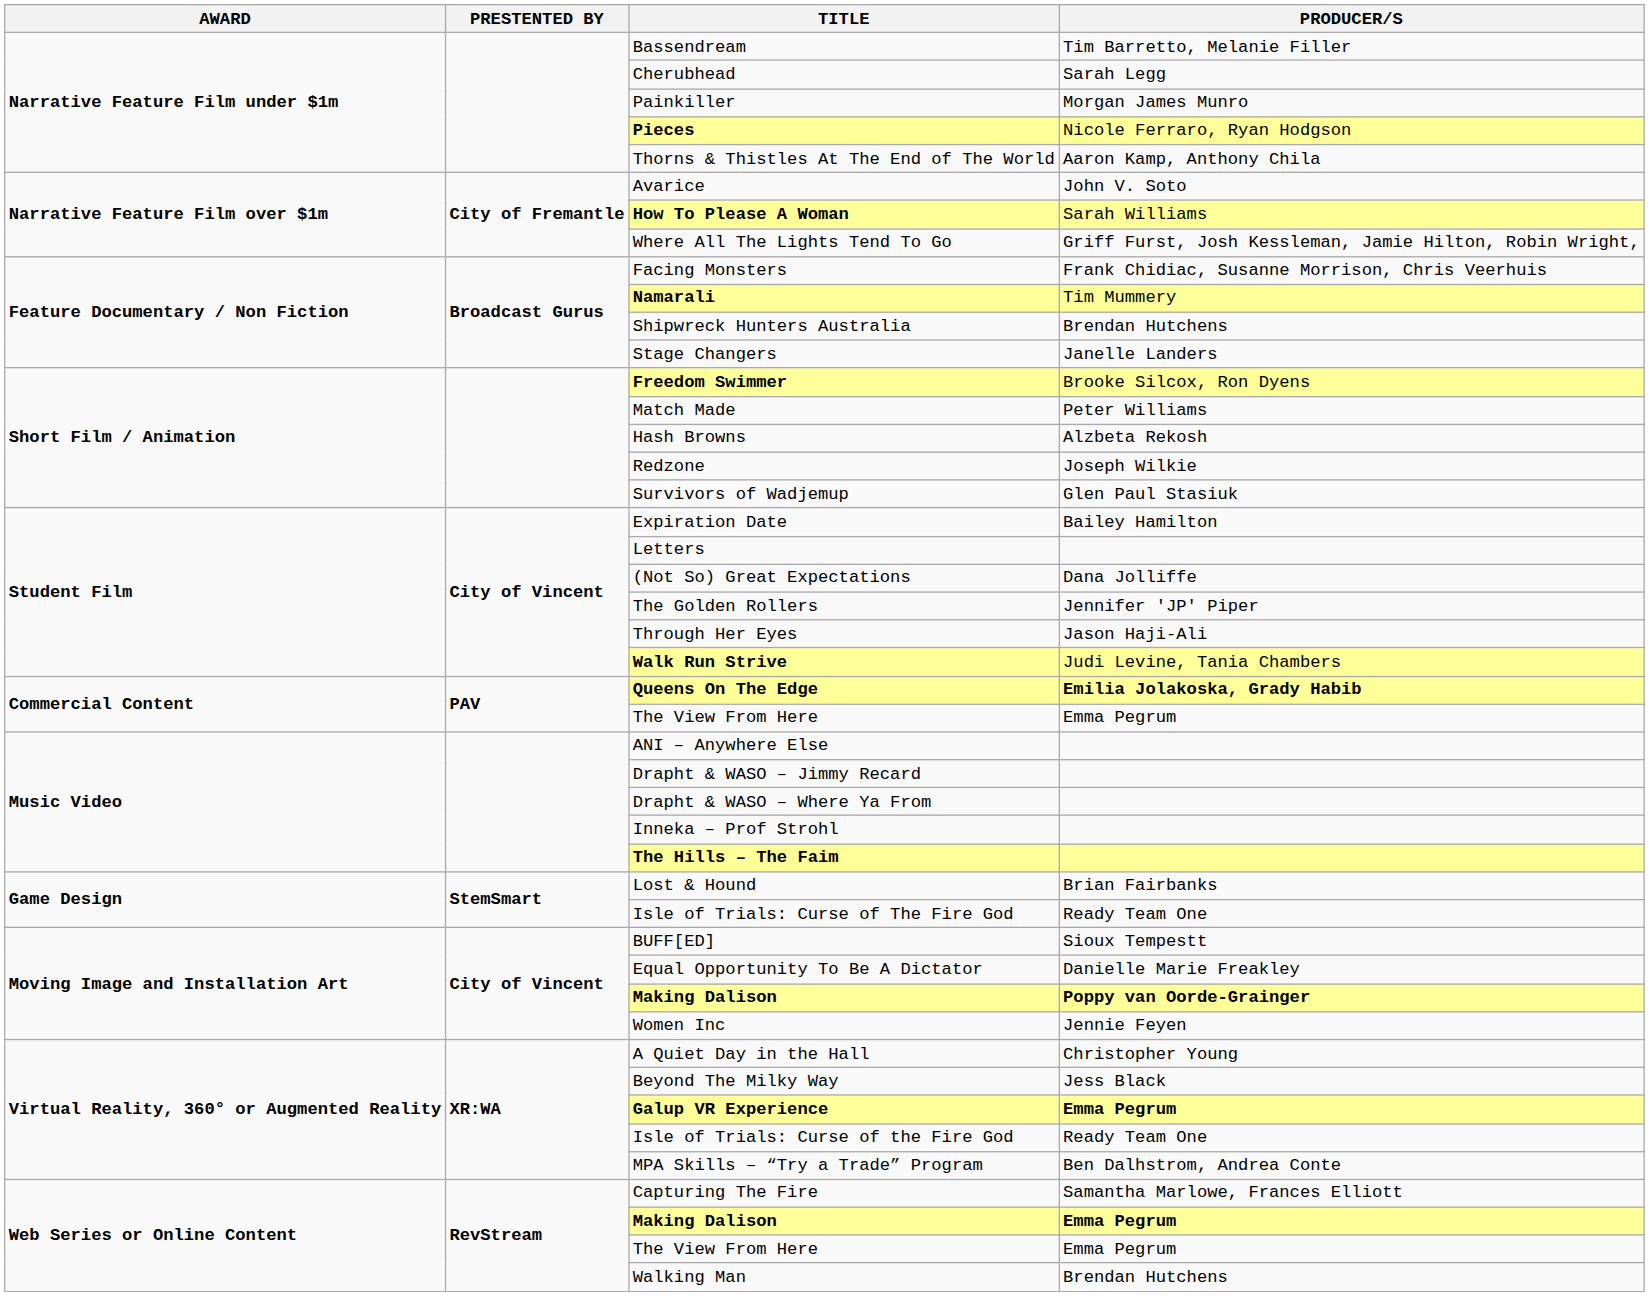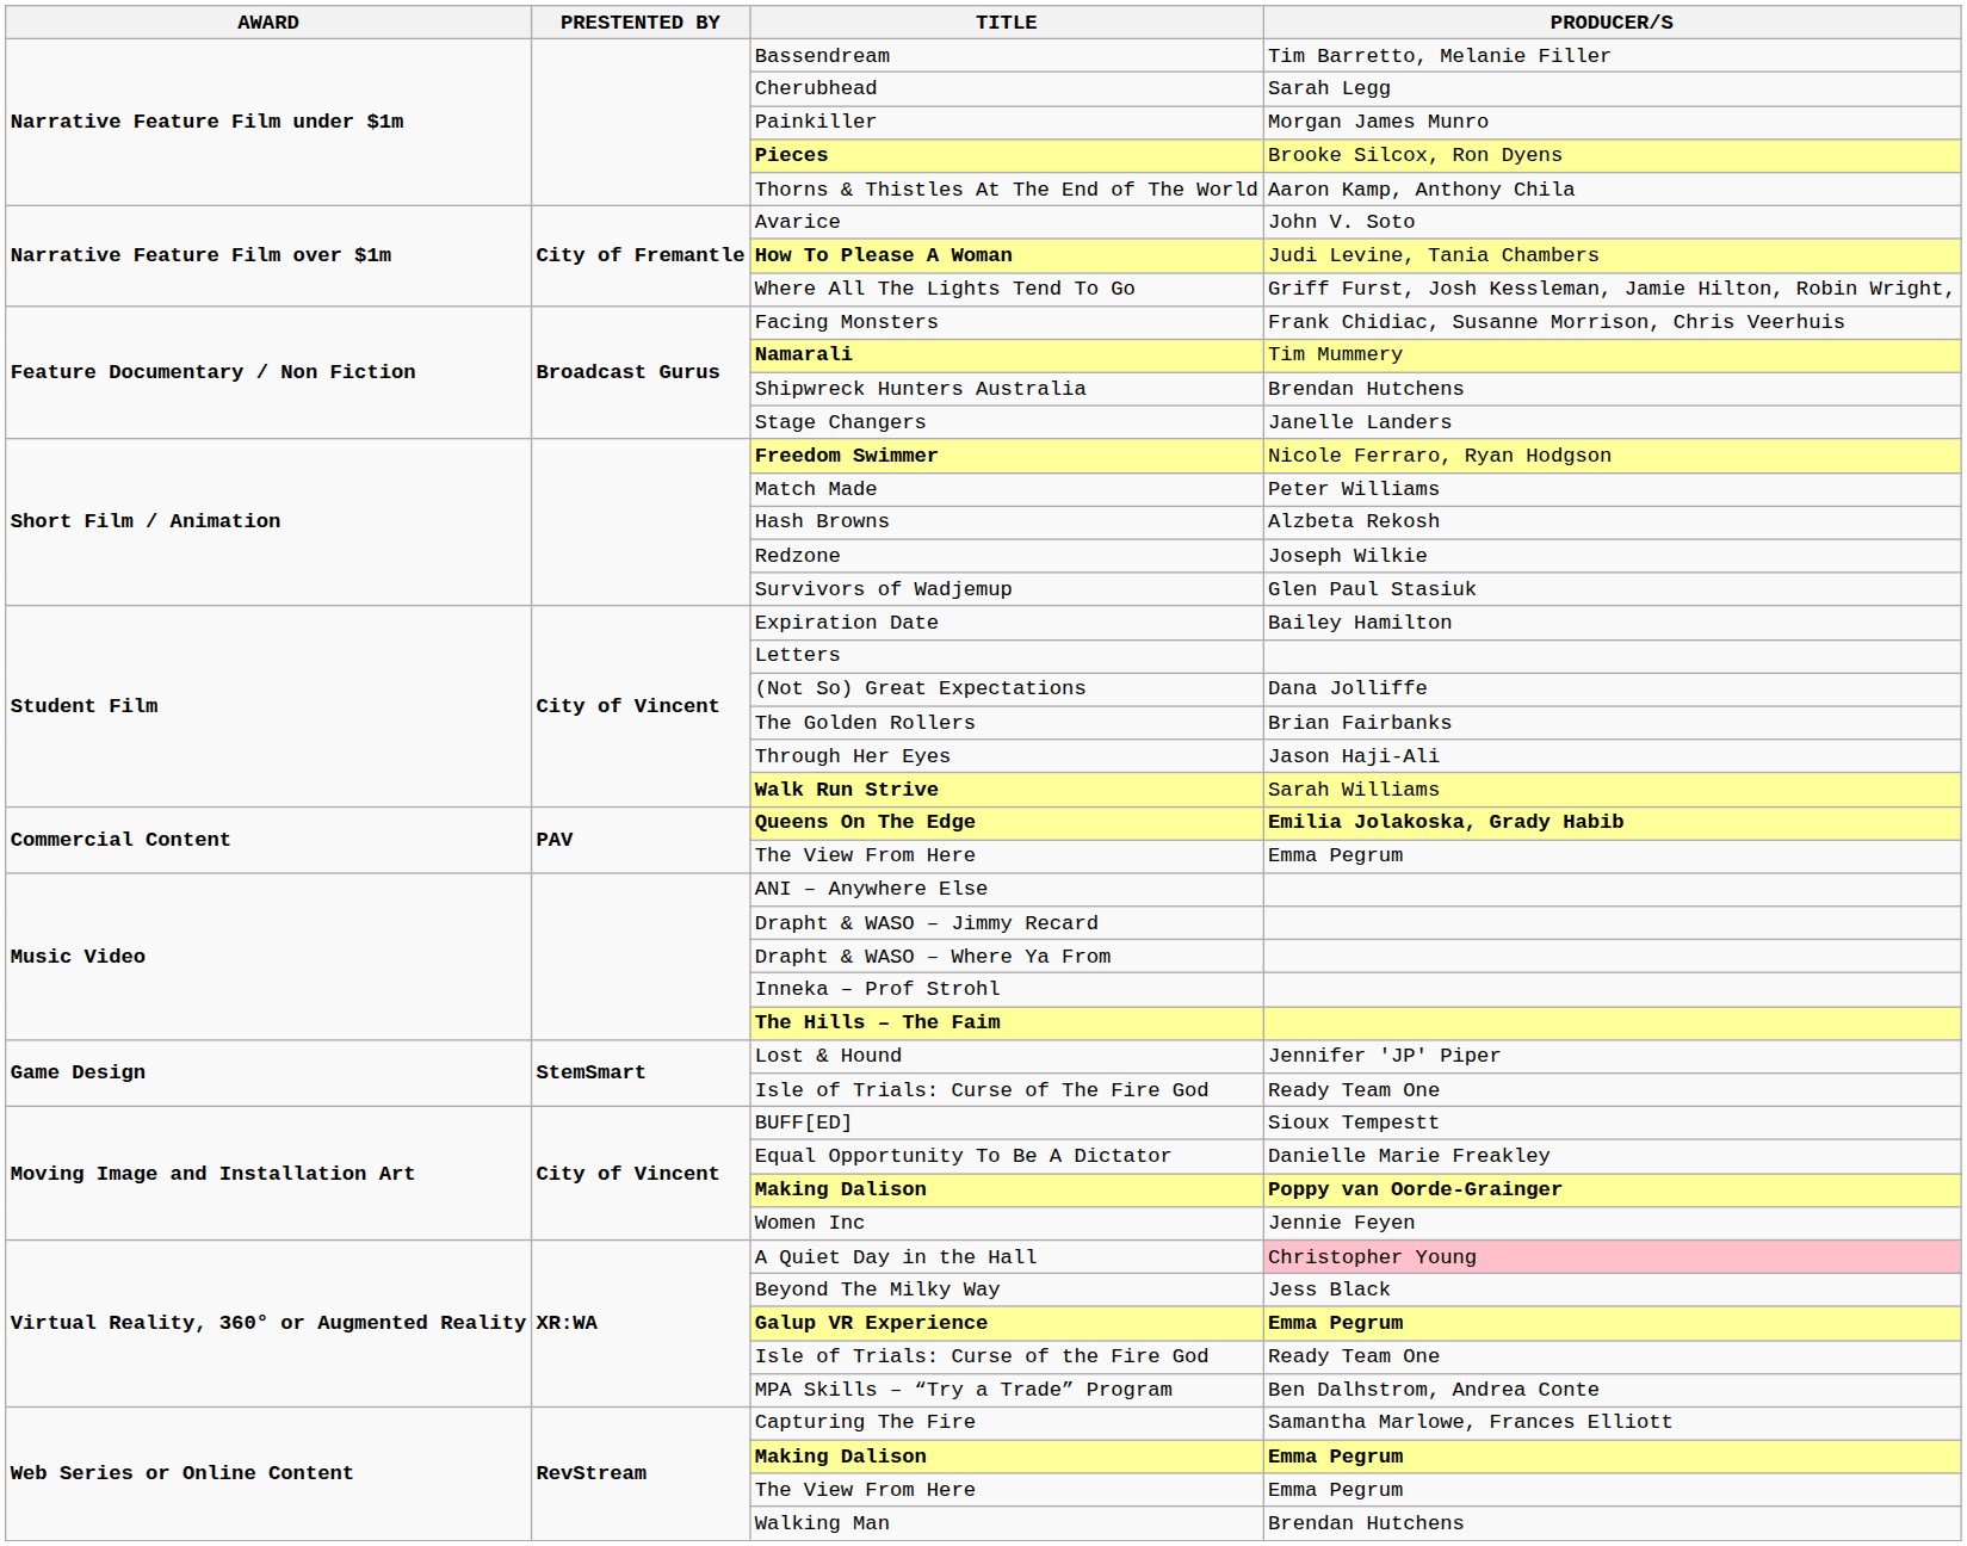 <table class="wikitable sortable mw-collapsible mw-collapsed">
 <tr>
 <th>AWARD</th>
 <th>PRESTENTED BY</th>
 <th>TITLE</th>
 <th>PRODUCER/S</th>
 </tr>
 <tr>
 <td rowspan="5"><strong>Narrative Feature Film under $1m</strong></td>
 <td rowspan="5"></td>
 <td>Bassendream</td>
 <td>Tim Barretto, Melanie Filler</td>
 </tr>
 <tr>
 <td>Cherubhead</td>
 <td>Sarah Legg</td>
 </tr>
 <tr>
 <td>Painkiller</td>
 <td>Morgan James Munro</td>
 </tr>
 <tr>
 <td style="background:#ff9;"><strong>Pieces</strong></td>
-<td style="background:#ff9;">Nicole Ferraro, Ryan Hodgson</td>
+<td style="background:#ff9;">Brooke Silcox, Ron Dyens</td>
 </tr>
 <tr>
 <td>Thorns & Thistles At The End of The World</td>
 <td>Aaron Kamp, Anthony Chila</td>
 </tr>
 <tr>
 <td rowspan="3"><strong>Narrative Feature Film over $1m</strong></td>
 <td rowspan="3"><strong>City of Fremantle</strong></td>
 <td>Avarice</td>
 <td>John V. Soto</td>
 </tr>
 <tr>
 <td style="background:#ff9;"><strong>How To Please A Woman</strong></td>
-<td style="background:#ff9;">Sarah Williams</td>
+<td style="background:#ff9;">Judi Levine, Tania Chambers</td>
 </tr>
 <tr>
 <td>Where All The Lights Tend To Go</td>
 <td>Griff Furst, Josh Kessleman, Jamie Hilton, Robin Wright,</td>
 </tr>
 <tr>
 <td rowspan="4"><strong>Feature Documentary / Non Fiction</strong></td>
 <td rowspan="4"><strong>Broadcast Gurus</strong></td>
 <td>Facing Monsters</td>
 <td>Frank Chidiac, Susanne Morrison, Chris Veerhuis</td>
 </tr>
 <tr>
 <td style="background:#ff9;"><strong>Namarali</strong></td>
 <td style="background:#ff9;">Tim Mummery</td>
 </tr>
 <tr>
 <td>Shipwreck Hunters Australia</td>
 <td>Brendan Hutchens</td>
 </tr>
 <tr>
 <td>Stage Changers</td>
 <td>Janelle Landers</td>
 </tr>
 <tr>
 <td rowspan="5"><strong>Short Film / Animation</strong></td>
 <td rowspan="5"></td>
 <td style="background:#ff9;"><strong>Freedom Swimmer</strong></td>
-<td style="background:#ff9;">Brooke Silcox, Ron Dyens</td>
+<td style="background:#ff9;">Nicole Ferraro, Ryan Hodgson</td>
 </tr>
 <tr>
 <td>Match Made</td>
 <td>Peter Williams</td>
 </tr>
 <tr>
 <td>Hash Browns</td>
 <td>Alzbeta Rekosh</td>
 </tr>
 <tr>
 <td>Redzone</td>
 <td>Joseph Wilkie</td>
 </tr>
 <tr>
 <td>Survivors of Wadjemup</td>
 <td>Glen Paul Stasiuk</td>
 </tr>
 <tr>
 <td rowspan="6"><strong>Student Film</strong></td>
 <td rowspan="6"><strong>City of Vincent</strong></td>
 <td>Expiration Date</td>
 <td>Bailey Hamilton</td>
 </tr>
 <tr>
 <td>Letters</td>
 <td></td>
 </tr>
 <tr>
 <td>(Not So) Great Expectations</td>
 <td>Dana Jolliffe</td>
 </tr>
 <tr>
 <td>The Golden Rollers</td>
-<td>Jennifer 'JP' Piper</td>
+<td>Brian Fairbanks</td>
 </tr>
 <tr>
 <td>Through Her Eyes</td>
 <td>Jason Haji-Ali</td>
 </tr>
 <tr>
 <td style="background:#ff9;"><strong>Walk Run Strive</strong></td>
-<td style="background:#ff9;">Judi Levine, Tania Chambers</td>
+<td style="background:#ff9;">Sarah Williams</td>
 </tr>
 <tr>
 <td rowspan="2"><strong>Commercial Content</strong></td>
 <td rowspan="2"><strong>PAV</strong></td>
 <td style="background:#ff9;"><strong>Queens On The Edge</strong></td>
 <td style="background:#ff9;"><strong>Emilia Jolakoska, Grady Habib</strong></td>
 </tr>
 <tr>
 <td>The View From Here</td>
 <td>Emma Pegrum</td>
 </tr>
 <tr>
 <td rowspan="5"><strong>Music Video</strong></td>
 <td rowspan="5"></td>
 <td>ANI – Anywhere Else</td>
 <td></td>
 </tr>
 <tr>
 <td>Drapht & WASO – Jimmy Recard</td>
 <td></td>
 </tr>
 <tr>
 <td>Drapht & WASO – Where Ya From</td>
 <td></td>
 </tr>
 <tr>
 <td>Inneka – Prof Strohl</td>
 <td></td>
 </tr>
 <tr>
 <td style="background:#ff9;"><strong>The Hills – The Faim</strong></td>
 <td style="background:#ff9;"></td>
 </tr>
 <tr>
 <td rowspan="2"><strong>Game Design</strong></td>
 <td rowspan="2"><strong>StemSmart</strong></td>
 <td>Lost & Hound</td>
-<td>Brian Fairbanks</td>
+<td>Jennifer 'JP' Piper</td>
 </tr>
 <tr>
 <td>Isle of Trials: Curse of The Fire God</td>
 <td>Ready Team One</td>
 </tr>
 <tr>
 <td rowspan="4"><strong>Moving Image and Installation Art</strong></td>
 <td rowspan="4"><strong>City of Vincent</strong></td>
 <td>BUFF[ED]</td>
 <td>Sioux Tempestt</td>
 </tr>
 <tr>
 <td>Equal Opportunity To Be A Dictator</td>
 <td>Danielle Marie Freakley</td>
 </tr>
 <tr>
 <td style="background:#ff9;"><strong>Making Dalison</strong></td>
 <td style="background:#ff9;"><strong>Poppy van Oorde-Grainger</strong></td>
 </tr>
 <tr>
 <td>Women Inc</td>
 <td>Jennie Feyen</td>
 </tr>
 <tr>
 <td rowspan="5"><strong>Virtual Reality, 360° or Augmented Reality</strong></td>
 <td rowspan="5"><strong>XR:WA</strong></td>
 <td>A Quiet Day in the Hall</td>
-<td>Christopher Young</td>
+<td style="background: pink;">Christopher Young</td>
 </tr>
 <tr>
 <td>Beyond The Milky Way</td>
 <td>Jess Black</td>
 </tr>
 <tr>
 <td style="background:#ff9;"><strong>Galup VR Experience</strong></td>
 <td style="background:#ff9;"><strong>Emma Pegrum</strong></td>
 </tr>
 <tr>
 <td>Isle of Trials: Curse of the Fire God</td>
 <td>Ready Team One</td>
 </tr>
 <tr>
 <td>MPA Skills – “Try a Trade” Program</td>
 <td>Ben Dalhstrom, Andrea Conte</td>
 </tr>
 <tr>
 <td rowspan="4"><strong>Web Series or Online Content</strong></td>
 <td rowspan="4"><strong>RevStream</strong></td>
 <td>Capturing The Fire</td>
 <td>Samantha Marlowe, Frances Elliott</td>
 </tr>
 <tr>
 <td style="background:#ff9;"><strong>Making Dalison</strong></td>
 <td style="background:#ff9;"><strong>Emma Pegrum</strong></td>
 </tr>
 <tr>
 <td>The View From Here</td>
 <td>Emma Pegrum</td>
 </tr>
 <tr>
 <td>Walking Man</td>
 <td>Brendan Hutchens</td>
 </tr>
 </table>
